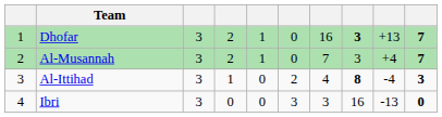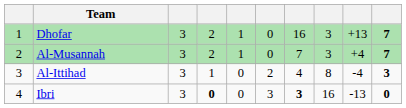 <table class="wikitable" style="text-align: center;">
 <tr>
 <th width=30></th>
 <th width=165>Team</th>
 <th width=30></th>
 <th width=30></th>
 <th width=30></th>
 <th width=30></th>
 <th width=30></th>
 <th width=30></th>
 <th width=30></th>
 <th width=30></th>
 </tr>
 <tr bgcolor=#ACE1AF>
 <td>1</td>
 <td align=left><a href='#'>Dhofar</a></td>
 <td>3</td>
 <td>2</td>
 <td>1</td>
 <td>0</td>
 <td>16</td>
-<td><strong>3</strong></td>
+<td>3</td>
 <td>+13</td>
 <td><strong>7</strong></td>
 </tr>
 <tr bgcolor=#ACE1AF>
 <td>2</td>
 <td align=left><a href='#'>Al-Musannah</a></td>
 <td>3</td>
 <td>2</td>
 <td>1</td>
 <td>0</td>
 <td>7</td>
 <td>3</td>
 <td>+4</td>
 <td><strong>7</strong></td>
 </tr>
 <tr>
 <td>3</td>
 <td align=left><a href='#'>Al-Ittihad</a></td>
 <td>3</td>
 <td>1</td>
 <td>0</td>
 <td>2</td>
 <td>4</td>
-<td><strong>8</strong></td>
+<td>8</td>
 <td>-4</td>
 <td><strong>3</strong></td>
 </tr>
 <tr>
 <td>4</td>
 <td align=left><a href='#'>Ibri</a></td>
 <td>3</td>
-<td>0</td>
+<td><strong>0</strong></td>
 <td>0</td>
 <td>3</td>
-<td>3</td>
+<td><strong>3</strong></td>
 <td>16</td>
 <td>-13</td>
 <td><strong>0</strong></td>
 </tr>
 </table>
